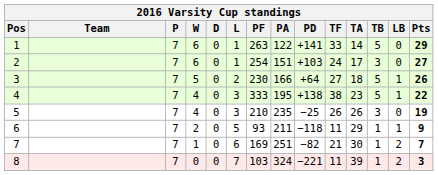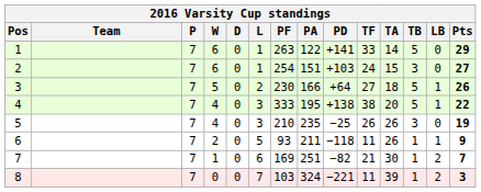 <table class="wikitable" style="text-align:center; line-height:110%; font-size:100%; width:60%;">
 <tr>
 <th colspan="100%" cellpadding="0" cellspacing="0"><strong>2016 Varsity Cup standings</strong></th>
 </tr>
 <tr>
 <th style="width:5%;">Pos</th>
 <th style="width:35%;">Team</th>
 <th style="width:5%;">P</th>
 <th style="width:5%;">W</th>
 <th style="width:5%;">D</th>
 <th style="width:5%;">L</th>
 <th style="width:5%;">PF</th>
 <th style="width:5%;">PA</th>
 <th style="width:5%;">PD</th>
 <th style="width:5%;">TF</th>
 <th style="width:5%;">TA</th>
 <th style="width:5%;">TB</th>
 <th style="width:5%;">LB</th>
 <th style="width:5%;">Pts<br></th>
 </tr>
 <tr style="background:#E8FFD8;">
 <td>1</td>
 <td align=left></td>
 <td>7</td>
 <td>6</td>
 <td>0</td>
 <td>1</td>
 <td>263</td>
 <td>122</td>
 <td>+141</td>
 <td>33</td>
 <td>14</td>
 <td>5</td>
 <td>0</td>
 <td><strong>29</strong></td>
 </tr>
 <tr style="background:#E8FFD8;">
 <td>2</td>
 <td align=left></td>
 <td>7</td>
 <td>6</td>
 <td>0</td>
 <td>1</td>
 <td>254</td>
 <td>151</td>
 <td>+103</td>
 <td>24</td>
-<td>17</td>
+<td>15</td>
 <td>3</td>
 <td>0</td>
 <td><strong>27</strong></td>
 </tr>
 <tr style="background:#E8FFD8;">
 <td>3</td>
 <td align=left></td>
 <td>7</td>
 <td>5</td>
 <td>0</td>
 <td>2</td>
 <td>230</td>
 <td>166</td>
 <td>+64</td>
 <td>27</td>
 <td>18</td>
 <td>5</td>
 <td>1</td>
 <td><strong>26</strong></td>
 </tr>
 <tr style="background:#E8FFD8;">
 <td>4</td>
 <td align=left></td>
 <td>7</td>
 <td>4</td>
 <td>0</td>
 <td>3</td>
 <td>333</td>
 <td>195</td>
 <td>+138</td>
 <td>38</td>
-<td>23</td>
+<td>20</td>
 <td>5</td>
 <td>1</td>
 <td><strong>22</strong></td>
 </tr>
 <tr style="background:#FFFFFF;">
 <td>5</td>
 <td align=left></td>
 <td>7</td>
 <td>4</td>
 <td>0</td>
 <td>3</td>
 <td>210</td>
 <td>235</td>
 <td>−25</td>
 <td>26</td>
 <td>26</td>
 <td>3</td>
 <td>0</td>
 <td><strong>19</strong></td>
 </tr>
 <tr style="background:#FFFFFF;">
 <td>6</td>
 <td align=left> </td>
 <td>7</td>
 <td>2</td>
 <td>0</td>
 <td>5</td>
 <td>93</td>
 <td>211</td>
 <td>−118</td>
 <td>11</td>
-<td>29</td>
+<td>26</td>
 <td>1</td>
 <td>1</td>
 <td><strong>9</strong></td>
 </tr>
 <tr style="background:#FFFFFF;">
 <td>7</td>
 <td align=left></td>
 <td>7</td>
 <td>1</td>
 <td>0</td>
 <td>6</td>
 <td>169</td>
 <td>251</td>
 <td>−82</td>
 <td>21</td>
 <td>30</td>
 <td>1</td>
 <td>2</td>
 <td><strong>7</strong></td>
 </tr>
 <tr style="background:#FFE8E8;">
 <td>8</td>
 <td align=left></td>
 <td>7</td>
 <td>0</td>
 <td>0</td>
 <td>7</td>
 <td>103</td>
 <td>324</td>
 <td>−221</td>
 <td>11</td>
 <td>39</td>
 <td>1</td>
 <td>2</td>
 <td><strong>3</strong></td>
 </tr>
 </table>
